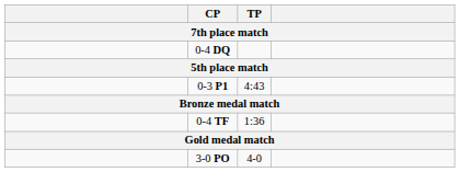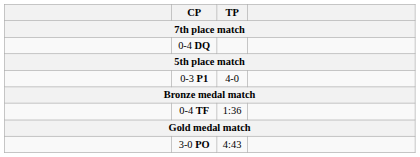 <table class="wikitable" style="text-align: center;" |>
 <tr>
 <th width="250"></th>
 <th width="62">CP</th>
 <th width="40">TP</th>
 <th width="250"></th>
 </tr>
 <tr>
 <th colspan="5">7th place match</th>
 </tr>
 <tr>
 <td style="text-align:left;"></td>
 <td>0-4 <strong>DQ</strong></td>
 <td></td>
 <td style="text-align:left;"><strong></strong></td>
 </tr>
 <tr>
 <th colspan="5">5th place match</th>
 </tr>
 <tr>
 <td style="text-align:left;"></td>
 <td>0-3 <strong>P1</strong></td>
-<td>4:43</td>
+<td>4-0</td>
 <td style="text-align:left;"><strong></strong></td>
 </tr>
 <tr>
 <th colspan="5">Bronze medal match</th>
 </tr>
 <tr>
 <td style="text-align:left;"></td>
 <td>0-4 <strong>TF</strong></td>
 <td>1:36</td>
 <td style="text-align:left;"><strong></strong></td>
 </tr>
 <tr>
 <th colspan="5">Gold medal match</th>
 </tr>
 <tr>
 <td style="text-align:left;"><strong></strong></td>
 <td>3-0 <strong>PO</strong></td>
-<td>4-0</td>
+<td>4:43</td>
 <td style="text-align:left;"></td>
 </tr>
 </table>
